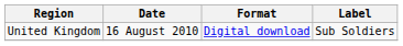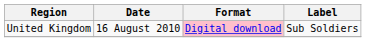 <table class=wikitable>
 <tr>
 <th>Region</th>
 <th>Date</th>
 <th>Format</th>
 <th>Label</th>
 </tr>
 <tr>
 <td>United Kingdom</td>
 <td>16 August 2010</td>
-<td><a href='#'>Digital download</a></td>
+<td style="background: pink;"><a href='#'>Digital download</a></td>
 <td>Sub Soldiers</td>
 </tr>
 <tr>
 </tr>
 </table>
